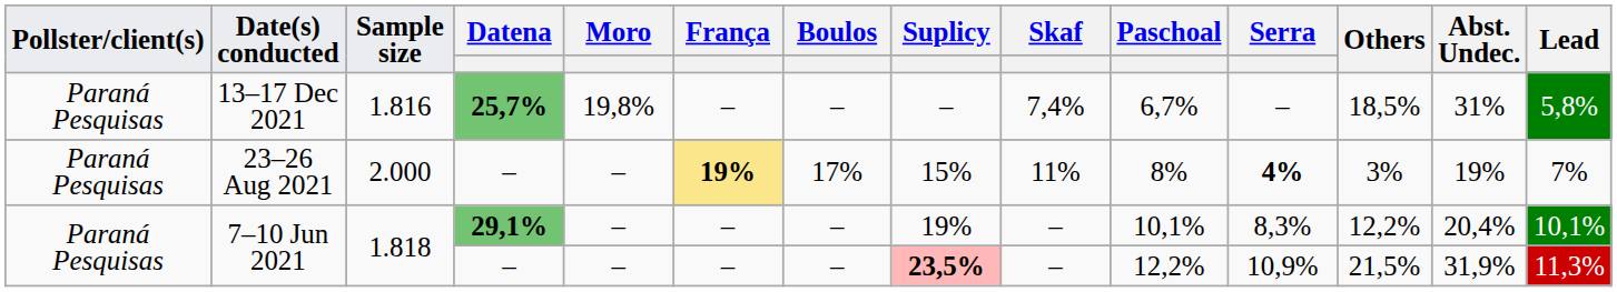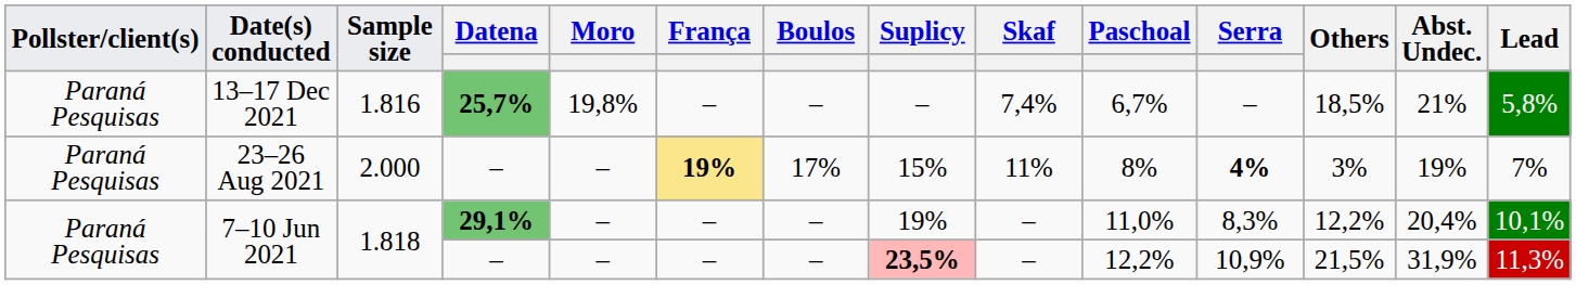 <table class="wikitable sortable" style="text-align:center;font-size:90%;line-height:14px;">
 <tr>
 <td rowspan="2" class="unsortable" style="width:50px;background:#eaecf0;"><strong>Pollster/client(s)</strong></td>
 <td rowspan="2" class="unsortable" style="width:50px;background:#eaecf0;"><strong>Date(s)<br>conducted</strong></td>
 <td rowspan="2" class="unsortable" style="width:50px;background:#eaecf0;"><strong>Sample<br>size</strong></td>
 <th class="unsortable" style="width:50px;"><a href='#'>Datena</a><br></th>
 <th class="unsortable" style="width:50px;"><a href='#'>Moro</a><br></th>
 <th class="unsortable" style="width:50px;"><a href='#'>França</a><br></th>
 <th class="unsortable" style="width:50px;"><a href='#'>Boulos</a><br></th>
 <th class="unsortable" style="width:50px;"><a href='#'>Suplicy</a><br></th>
 <th class="unsortable" style="width:50px;"><a href='#'>Skaf</a><br></th>
 <th class="unsortable" style="width:50px;"><a href='#'>Paschoal</a><br></th>
 <th class="unsortable" style="width:50px;"><a href='#'>Serra</a><br></th>
 <th rowspan="2" class="unsortable">Others</th>
 <th rowspan="2" class="unsortable">Abst.<br>Undec.</th>
 <th rowspan="2" data-sort-type="number">Lead</th>
 </tr>
 <tr>
 <th data-sort-type="number" class="sortable" style="background:"></th>
 <th data-sort-type="number" class="sortable" style="background:"></th>
 <th data-sort-type="number" class="sortable" style="background:"></th>
 <th data-sort-type="number" class="sortable" style="background:"></th>
 <th data-sort-type="number" class="sortable" style="background:"></th>
 <th data-sort-type="number" class="sortable" style="background:"></th>
 <th data-sort-type="number" class="sortable" style="background:"></th>
 <th data-sort-type="number" class="sortable" style="background:"></th>
 </tr>
 <tr>
 <td><em>Paraná Pesquisas</em></td>
 <td>13–17 Dec 2021</td>
 <td>1.816</td>
 <td style="background:#72c372;"><strong>25,7%</strong></td>
 <td>19,8%</td>
 <td>–</td>
 <td>–</td>
 <td>–</td>
 <td>7,4%</td>
 <td>6,7%</td>
 <td>–</td>
 <td>18,5%</td>
-<td>31%</td>
+<td>21%</td>
 <td style="background:#008000;color:#FFFFFF;">5,8%</td>
 </tr>
 <tr>
 <td><em>Paraná Pesquisas</em></td>
 <td>23–26 Aug 2021</td>
 <td>2.000</td>
 <td>–</td>
 <td>–</td>
 <td style="background:#FCE68B;"><strong>19%</strong></td>
 <td>17%</td>
 <td>15%</td>
 <td>11%</td>
 <td>8%</td>
 <td><strong>4%</strong></td>
 <td>3%</td>
 <td>19%</td>
 <td style="background:">7%</td>
 </tr>
 <tr>
 <td rowspan="2"><em>Paraná Pesquisas</em></td>
 <td rowspan="2">7–10 Jun 2021</td>
 <td rowspan="2">1.818</td>
 <td style="background:#72c372;"><strong>29,1%</strong></td>
 <td>–</td>
 <td>–</td>
 <td>–</td>
 <td>19%</td>
 <td>–</td>
-<td>10,1%</td>
+<td>11,0%</td>
 <td>8,3%</td>
 <td>12,2%</td>
 <td>20,4%</td>
 <td style="background:#008000;color:#FFFFFF;">10,1%</td>
 </tr>
 <tr>
 <td>–</td>
 <td>–</td>
 <td>–</td>
 <td>–</td>
 <td style="background:#FFB7B7;"><strong>23,5%</strong></td>
 <td>–</td>
 <td>12,2%</td>
 <td>10,9%</td>
 <td>21,5%</td>
 <td>31,9%</td>
 <td style="background:#CC0000;color:#FFFFFF;">11,3%</td>
 </tr>
 </table>
